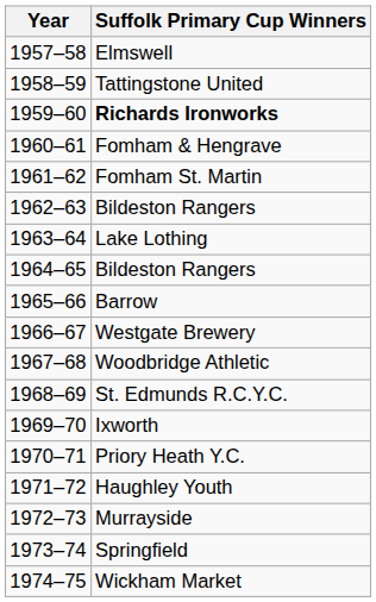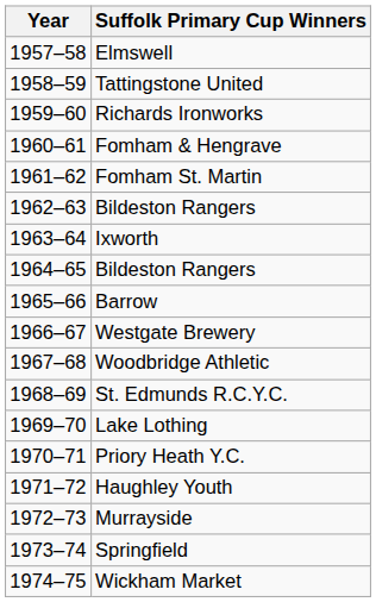 <table class="wikitable" style="float:left; margin-right:1em">
 <tr>
 <th>Year</th>
 <th>Suffolk Primary Cup Winners</th>
 </tr>
 <tr>
 <td>1957–58</td>
 <td>Elmswell</td>
 </tr>
 <tr>
 <td>1958–59</td>
 <td>Tattingstone United</td>
 </tr>
 <tr>
 <td>1959–60</td>
-<td><strong>Richards Ironworks</strong></td>
+<td>Richards Ironworks</td>
 </tr>
 <tr>
 <td>1960–61</td>
 <td>Fomham & Hengrave</td>
 </tr>
 <tr>
 <td>1961–62</td>
 <td>Fomham St. Martin</td>
 </tr>
 <tr>
 <td>1962–63</td>
 <td>Bildeston Rangers</td>
 </tr>
 <tr>
 <td>1963–64</td>
-<td>Lake Lothing</td>
+<td>Ixworth</td>
 </tr>
 <tr>
 <td>1964–65</td>
 <td>Bildeston Rangers</td>
 </tr>
 <tr>
 <td>1965–66</td>
 <td>Barrow</td>
 </tr>
 <tr>
 <td>1966–67</td>
 <td>Westgate Brewery</td>
 </tr>
 <tr>
 <td>1967–68</td>
 <td>Woodbridge Athletic</td>
 </tr>
 <tr>
 <td>1968–69</td>
 <td>St. Edmunds R.C.Y.C.</td>
 </tr>
 <tr>
 <td>1969–70</td>
-<td>Ixworth</td>
+<td>Lake Lothing</td>
 </tr>
 <tr>
 <td>1970–71</td>
 <td>Priory Heath Y.C.</td>
 </tr>
 <tr>
 <td>1971–72</td>
 <td>Haughley Youth</td>
 </tr>
 <tr>
 <td>1972–73</td>
 <td>Murrayside</td>
 </tr>
 <tr>
 <td>1973–74</td>
 <td>Springfield</td>
 </tr>
 <tr>
 <td>1974–75</td>
 <td>Wickham Market</td>
 </tr>
 </table>
